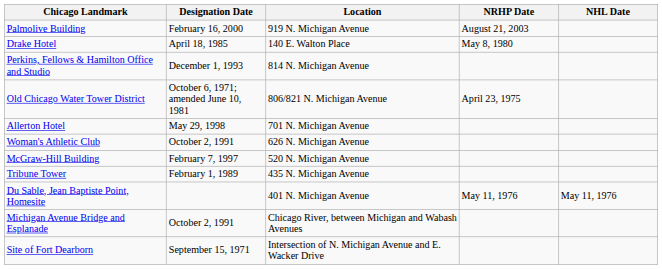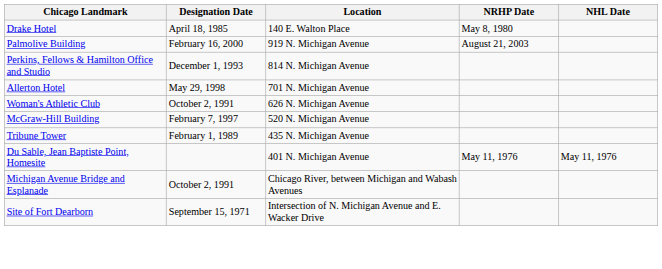 <table class="wikitable sortable">
 <tr>
 <th style="width:250px;">Chicago Landmark</th>
 <th style="width:150px;">Designation Date</th>
 <th style="width:300px;">Location</th>
 <th width="150">NRHP Date</th>
 <th width="150">NHL Date</th>
 </tr>
 <tr>
+<td><a href='#'>Drake Hotel</a></td>
+<td>April 18, 1985</td>
+<td>140 E. Walton Place</td>
+<td>May 8, 1980</td>
+<td></td>
+</tr>
+<tr>
 <td><a href='#'>Palmolive Building</a></td>
 <td>February 16, 2000</td>
 <td>919 N. Michigan Avenue</td>
 <td>August 21, 2003</td>
 <td></td>
 </tr>
 <tr>
-<td><a href='#'>Drake Hotel</a></td>
-<td>April 18, 1985</td>
-<td>140 E. Walton Place</td>
-<td>May 8, 1980</td>
-<td></td>
-</tr>
-<tr>
 <td><a href='#'>Perkins, Fellows & Hamilton Office and Studio</a></td>
 <td>December 1, 1993</td>
 <td>814 N. Michigan Avenue</td>
 <td></td>
-<td></td>
-</tr>
-<tr>
-<td><a href='#'>Old Chicago Water Tower District</a></td>
-<td>October 6, 1971;<br>amended June 10, 1981</td>
-<td>806/821 N. Michigan Avenue</td>
-<td>April 23, 1975</td>
 <td></td>
 </tr>
 <tr>
 <td><a href='#'>Allerton Hotel</a></td>
 <td>May 29, 1998</td>
 <td>701 N. Michigan Avenue</td>
 <td></td>
 <td></td>
 </tr>
 <tr>
 <td><a href='#'>Woman's Athletic Club</a></td>
 <td>October 2, 1991</td>
 <td>626 N. Michigan Avenue</td>
 <td></td>
 <td></td>
 </tr>
 <tr>
 <td><a href='#'>McGraw-Hill Building</a></td>
 <td>February 7, 1997</td>
 <td>520 N. Michigan Avenue</td>
 <td></td>
 <td></td>
 </tr>
 <tr>
 <td><a href='#'>Tribune Tower</a></td>
 <td>February 1, 1989</td>
 <td>435 N. Michigan Avenue</td>
 <td></td>
 <td></td>
 </tr>
 <tr>
 <td><a href='#'>Du Sable, Jean Baptiste Point, Homesite</a>  </td>
 <td></td>
 <td>401 N. Michigan Avenue</td>
 <td>May 11, 1976</td>
 <td>May 11, 1976</td>
 </tr>
 <tr>
 <td><a href='#'>Michigan Avenue Bridge and Esplanade</a></td>
 <td>October 2, 1991</td>
 <td>Chicago River, between Michigan and Wabash Avenues</td>
 <td></td>
 <td></td>
 </tr>
 <tr>
 <td><a href='#'>Site of Fort Dearborn</a></td>
 <td>September 15, 1971</td>
 <td>Intersection of N. Michigan Avenue and E. Wacker Drive</td>
 <td></td>
 <td></td>
 </tr>
 </table>
